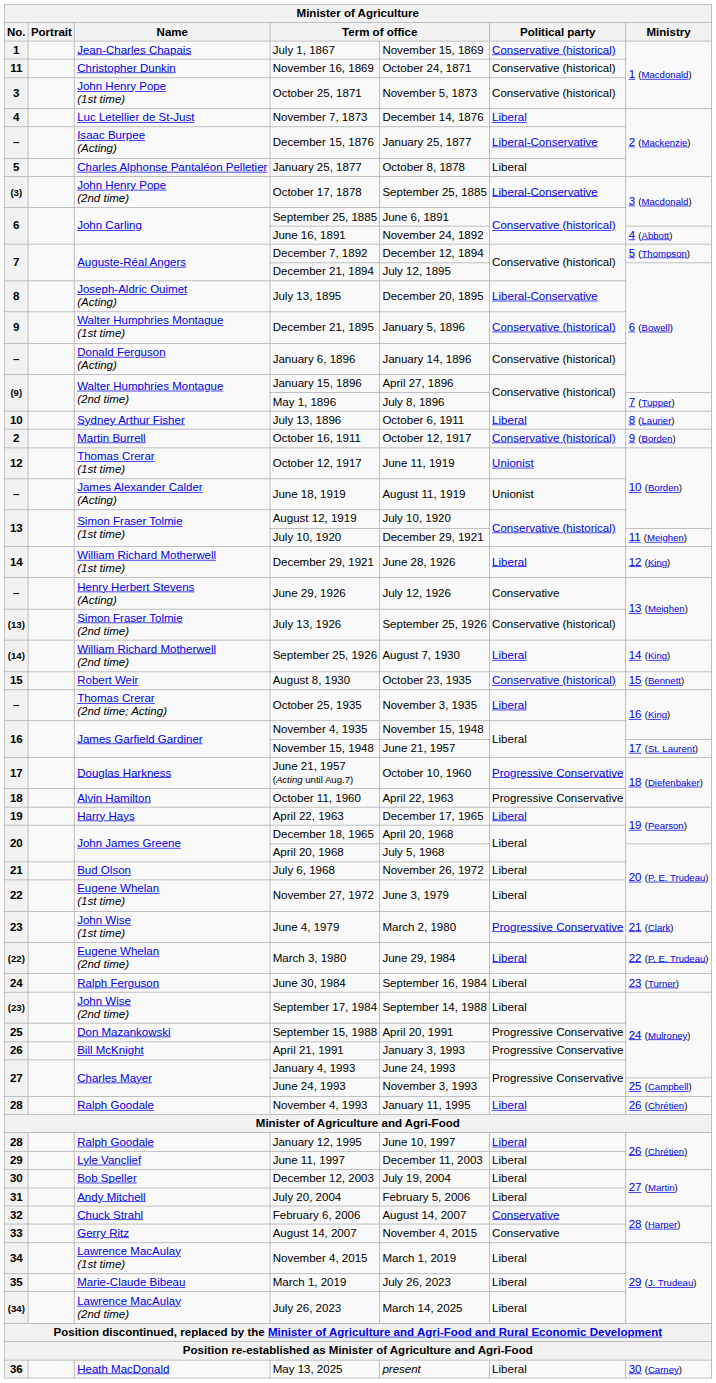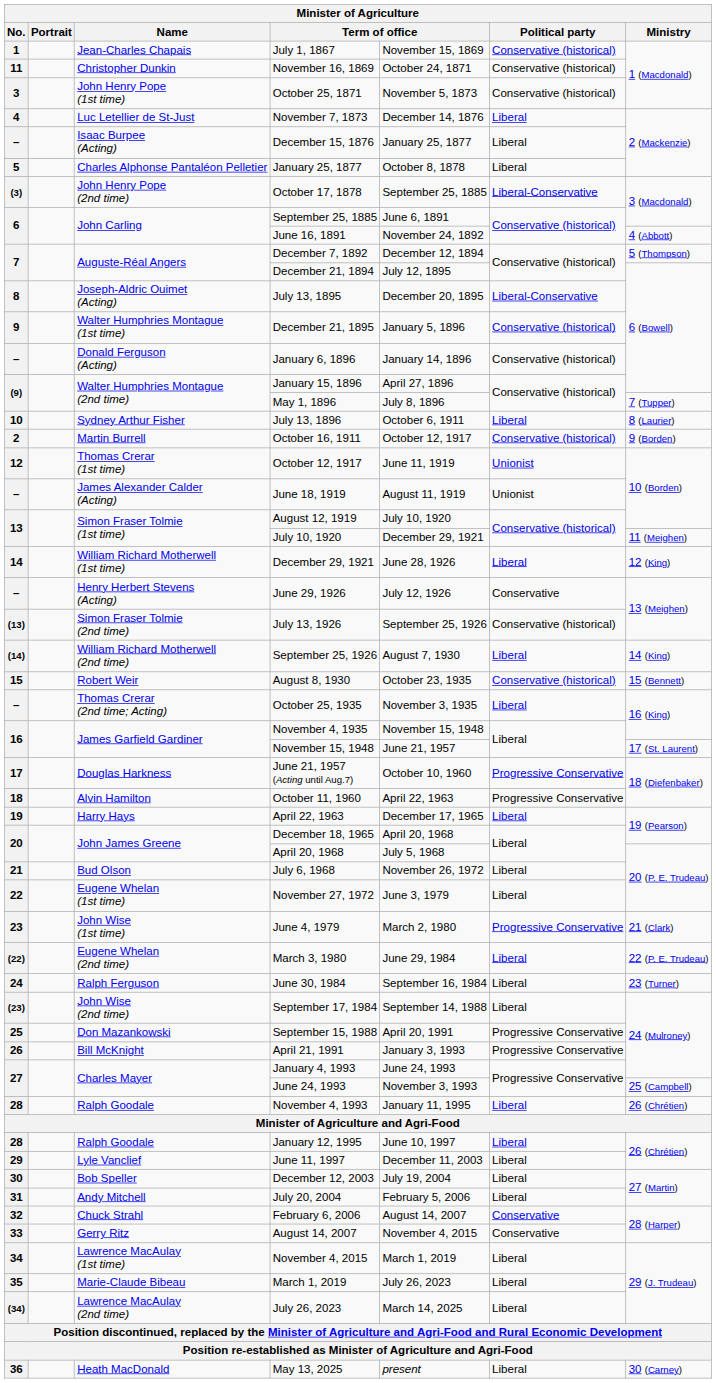 <table class="wikitable">
 <tr>
 <th colspan=7>Minister of Agriculture</th>
 </tr>
 <tr>
 <th>No.</th>
 <th>Portrait</th>
 <th>Name</th>
 <th colspan=2>Term of office</th>
 <th>Political party</th>
 <th>Ministry</th>
 </tr>
 <tr>
 <th style="background:">1</th>
 <td></td>
 <td><a href='#'>Jean-Charles Chapais</a></td>
 <td>July 1, 1867</td>
 <td>November 15, 1869</td>
 <td><a href='#'>Conservative (historical)</a></td>
 <td rowspan=3><a href='#'>1</a> <small>(<a href='#'>Macdonald</a>)</small></td>
 </tr>
 <tr>
 <th style="background:">11</th>
 <td></td>
 <td><a href='#'>Christopher Dunkin</a></td>
 <td>November 16, 1869</td>
 <td>October 24, 1871</td>
 <td>Conservative (historical)</td>
 </tr>
 <tr>
 <th style="background:">3</th>
 <td></td>
 <td><a href='#'>John Henry Pope</a><br><em>(1st time)</em></td>
 <td>October 25, 1871</td>
 <td>November 5, 1873</td>
 <td>Conservative (historical)</td>
 </tr>
 <tr>
 <th style="background:">4</th>
 <td></td>
 <td><a href='#'>Luc Letellier de St-Just</a></td>
 <td>November 7, 1873</td>
 <td>December 14, 1876</td>
 <td><a href='#'>Liberal</a></td>
 <td rowspan=3><a href='#'>2</a> <small>(<a href='#'>Mackenzie</a>)</small></td>
 </tr>
 <tr>
 <th style="background:">–</th>
 <td></td>
 <td><a href='#'>Isaac Burpee</a><br><em>(Acting)</em></td>
 <td>December 15, 1876</td>
 <td>January 25, 1877</td>
-<td><a href='#'>Liberal-Conservative</a></td>
+<td>Liberal</td>
 </tr>
 <tr>
 <th style="background:">5</th>
 <td></td>
 <td><a href='#'>Charles Alphonse Pantaléon Pelletier</a></td>
 <td>January 25, 1877</td>
 <td>October 8, 1878</td>
 <td>Liberal</td>
 </tr>
 <tr>
 <th style="background:"><small>(3)</small></th>
 <td></td>
 <td><a href='#'>John Henry Pope</a><br><em>(2nd time)</em></td>
 <td>October 17, 1878</td>
 <td>September 25, 1885</td>
 <td><a href='#'>Liberal-Conservative</a></td>
 <td rowspan=2><a href='#'>3</a> <small>(<a href='#'>Macdonald</a>)</small></td>
 </tr>
 <tr>
 <th rowspan=2 style="background:">6</th>
 <td rowspan=2></td>
 <td rowspan=2><a href='#'>John Carling</a></td>
 <td>September 25, 1885</td>
 <td>June 6, 1891</td>
 <td rowspan=2><a href='#'>Conservative (historical)</a></td>
 </tr>
 <tr>
 <td>June 16, 1891</td>
 <td>November 24, 1892</td>
 <td><a href='#'>4</a> <small>(<a href='#'>Abbott</a>)</small></td>
 </tr>
 <tr>
 <th rowspan=2 style="background:">7</th>
 <td rowspan=2></td>
 <td rowspan=2><a href='#'>Auguste-Réal Angers</a></td>
 <td>December 7, 1892</td>
 <td>December 12, 1894</td>
 <td rowspan=2>Conservative (historical)</td>
 <td><a href='#'>5</a> <small>(<a href='#'>Thompson</a>)</small></td>
 </tr>
 <tr>
 <td>December 21, 1894</td>
 <td>July 12, 1895</td>
 <td rowspan=5><a href='#'>6</a> <small>(<a href='#'>Bowell</a>)</small></td>
 </tr>
 <tr>
 <th style="background:">8</th>
 <td></td>
 <td><a href='#'>Joseph-Aldric Ouimet</a><br><em>(Acting)</em></td>
 <td>July 13, 1895</td>
 <td>December 20, 1895</td>
 <td><a href='#'>Liberal-Conservative</a></td>
 </tr>
 <tr>
 <th style="background:">9</th>
 <td></td>
 <td><a href='#'>Walter Humphries Montague</a><br><em>(1st time)</em></td>
 <td>December 21, 1895</td>
 <td>January 5, 1896</td>
 <td><a href='#'>Conservative (historical)</a></td>
 </tr>
 <tr>
 <th style="background:">–</th>
 <td></td>
 <td><a href='#'>Donald Ferguson</a><br><em>(Acting)</em></td>
 <td>January 6, 1896</td>
 <td>January 14, 1896</td>
 <td>Conservative (historical)</td>
 </tr>
 <tr>
 <th rowspan=2 style="background:"><small>(9)</small></th>
 <td rowspan=2></td>
 <td rowspan=2><a href='#'>Walter Humphries Montague</a><br><em>(2nd time)</em></td>
 <td>January 15, 1896</td>
 <td>April 27, 1896</td>
 <td rowspan=2>Conservative (historical)</td>
 </tr>
 <tr>
 <td>May 1, 1896</td>
 <td>July 8, 1896</td>
 <td><a href='#'>7</a> <small>(<a href='#'>Tupper</a>)</small></td>
 </tr>
 <tr>
 <th style="background:">10</th>
 <td></td>
 <td><a href='#'>Sydney Arthur Fisher</a></td>
 <td>July 13, 1896</td>
 <td>October 6, 1911</td>
 <td><a href='#'>Liberal</a></td>
 <td><a href='#'>8</a> <small>(<a href='#'>Laurier</a>)</small></td>
 </tr>
 <tr>
 <th style="background:">2</th>
 <td></td>
 <td><a href='#'>Martin Burrell</a></td>
 <td>October 16, 1911</td>
 <td>October 12, 1917</td>
 <td><a href='#'>Conservative (historical)</a></td>
 <td><a href='#'>9</a> <small>(<a href='#'>Borden</a>)</small></td>
 </tr>
 <tr>
 <th style="background:">12</th>
 <td></td>
 <td><a href='#'>Thomas Crerar</a><br><em>(1st time)</em></td>
 <td>October 12, 1917</td>
 <td>June 11, 1919</td>
 <td><a href='#'>Unionist</a></td>
 <td rowspan=3><a href='#'>10</a> <small>(<a href='#'>Borden</a>)</small></td>
 </tr>
 <tr>
 <th style="background:">–</th>
 <td></td>
 <td><a href='#'>James Alexander Calder</a><br><em>(Acting)</em></td>
 <td>June 18, 1919</td>
 <td>August 11, 1919</td>
 <td>Unionist</td>
 </tr>
 <tr>
 <th rowspan=2 style="background:">13</th>
 <td rowspan=2></td>
 <td rowspan=2><a href='#'>Simon Fraser Tolmie</a><br><em>(1st time)</em></td>
 <td>August 12, 1919</td>
 <td>July 10, 1920</td>
 <td rowspan=2><a href='#'>Conservative (historical)</a></td>
 </tr>
 <tr>
 <td>July 10, 1920</td>
 <td>December 29, 1921</td>
 <td><a href='#'>11</a> <small>(<a href='#'>Meighen</a>)</small></td>
 </tr>
 <tr>
 <th style="background:">14</th>
 <td></td>
 <td><a href='#'>William Richard Motherwell</a><br><em>(1st time)</em></td>
 <td>December 29, 1921</td>
 <td>June 28, 1926</td>
 <td><a href='#'>Liberal</a></td>
 <td><a href='#'>12</a> <small>(<a href='#'>King</a>)</small></td>
 </tr>
 <tr>
 <th style="background:">–</th>
 <td></td>
 <td><a href='#'>Henry Herbert Stevens</a><br><em>(Acting)</em></td>
 <td>June 29, 1926</td>
 <td>July 12, 1926</td>
 <td>Conservative</td>
 <td rowspan=2><a href='#'>13</a> <small>(<a href='#'>Meighen</a>)</small></td>
 </tr>
 <tr>
 <th style="background:"><small>(13)</small></th>
 <td></td>
 <td><a href='#'>Simon Fraser Tolmie</a><br><em>(2nd time)</em></td>
 <td>July 13, 1926</td>
 <td>September 25, 1926</td>
 <td>Conservative (historical)</td>
 </tr>
 <tr>
 <th style="background:"><small>(14)</small></th>
 <td></td>
 <td><a href='#'>William Richard Motherwell</a><br><em>(2nd time)</em></td>
 <td>September 25, 1926</td>
 <td>August 7, 1930</td>
 <td><a href='#'>Liberal</a></td>
 <td><a href='#'>14</a> <small>(<a href='#'>King</a>)</small></td>
 </tr>
 <tr>
 <th style="background:">15</th>
 <td></td>
 <td><a href='#'>Robert Weir</a></td>
 <td>August 8, 1930</td>
 <td>October 23, 1935</td>
 <td><a href='#'>Conservative (historical)</a></td>
 <td><a href='#'>15</a> <small>(<a href='#'>Bennett</a>)</small></td>
 </tr>
 <tr>
 <th style="background:">–</th>
 <td></td>
 <td><a href='#'>Thomas Crerar</a><br><em>(2nd time; Acting)</em></td>
 <td>October 25, 1935</td>
 <td>November 3, 1935</td>
 <td><a href='#'>Liberal</a></td>
 <td rowspan=2><a href='#'>16</a> <small>(<a href='#'>King</a>)</small></td>
 </tr>
 <tr>
 <th rowspan=2 style="background:">16</th>
 <td rowspan=2></td>
 <td rowspan=2><a href='#'>James Garfield Gardiner</a></td>
 <td>November 4, 1935</td>
 <td>November 15, 1948</td>
 <td rowspan=2>Liberal</td>
 </tr>
 <tr>
 <td>November 15, 1948</td>
 <td>June 21, 1957</td>
 <td><a href='#'>17</a> <small>(<a href='#'>St. Laurent</a>)</small></td>
 </tr>
 <tr>
 <th style="background:">17</th>
 <td></td>
 <td><a href='#'>Douglas Harkness</a></td>
 <td>June 21, 1957<br><small>(<em>Acting</em> until Aug.7)</small></td>
 <td>October 10, 1960</td>
 <td><a href='#'>Progressive Conservative</a></td>
 <td rowspan=2><a href='#'>18</a> <small>(<a href='#'>Diefenbaker</a>)</small></td>
 </tr>
 <tr>
 <th style="background:">18</th>
 <td></td>
 <td><a href='#'>Alvin Hamilton</a></td>
 <td>October 11, 1960</td>
 <td>April 22, 1963</td>
 <td>Progressive Conservative</td>
 </tr>
 <tr>
 <th style="background:">19</th>
 <td></td>
 <td><a href='#'>Harry Hays</a></td>
 <td>April 22, 1963</td>
 <td>December 17, 1965</td>
 <td><a href='#'>Liberal</a></td>
 <td rowspan=2><a href='#'>19</a> <small>(<a href='#'>Pearson</a>)</small></td>
 </tr>
 <tr>
 <th rowspan=2 style="background:">20</th>
 <td rowspan="2"></td>
 <td rowspan=2><a href='#'>John James Greene</a></td>
 <td>December 18, 1965</td>
 <td>April 20, 1968</td>
 <td rowspan=2>Liberal</td>
 </tr>
 <tr>
 <td>April 20, 1968</td>
 <td>July 5, 1968</td>
 <td rowspan=3><a href='#'>20</a> <small>(<a href='#'>P. E. Trudeau</a>)</small></td>
 </tr>
 <tr>
 <th style="background:">21</th>
 <td></td>
 <td><a href='#'>Bud Olson</a></td>
 <td>July 6, 1968</td>
 <td>November 26, 1972</td>
 <td>Liberal</td>
 </tr>
 <tr>
 <th style="background:">22</th>
 <td></td>
 <td><a href='#'>Eugene Whelan</a><br><em>(1st time)</em></td>
 <td>November 27, 1972</td>
 <td>June 3, 1979</td>
 <td>Liberal</td>
 </tr>
 <tr>
 <th style="background:">23</th>
 <td></td>
 <td><a href='#'>John Wise</a><br><em>(1st time)</em></td>
 <td>June 4, 1979</td>
 <td>March 2, 1980</td>
 <td><a href='#'>Progressive Conservative</a></td>
 <td><a href='#'>21</a> <small>(<a href='#'>Clark</a>)</small></td>
 </tr>
 <tr>
 <th style="background:"><small>(22)</small></th>
 <td></td>
 <td><a href='#'>Eugene Whelan</a><br><em>(2nd time)</em></td>
 <td>March 3, 1980</td>
 <td>June 29, 1984</td>
 <td><a href='#'>Liberal</a></td>
 <td><a href='#'>22</a> <small>(<a href='#'>P. E. Trudeau</a>)</small></td>
 </tr>
 <tr>
 <th style="background:">24</th>
 <td></td>
 <td><a href='#'>Ralph Ferguson</a></td>
 <td>June 30, 1984</td>
 <td>September 16, 1984</td>
 <td>Liberal</td>
 <td><a href='#'>23</a> <small>(<a href='#'>Turner</a>)</small></td>
 </tr>
 <tr>
 <th style="background:"><small>(23)</small></th>
 <td></td>
 <td><a href='#'>John Wise</a><br><em>(2nd time)</em></td>
 <td>September 17, 1984</td>
 <td>September 14, 1988</td>
 <td>Liberal</td>
 <td rowspan=4><a href='#'>24</a> <small>(<a href='#'>Mulroney</a>)</small></td>
 </tr>
 <tr>
 <th style="background:">25</th>
 <td></td>
 <td><a href='#'>Don Mazankowski</a></td>
 <td>September 15, 1988</td>
 <td>April 20, 1991</td>
 <td>Progressive Conservative</td>
 </tr>
 <tr>
 <th style="background:">26</th>
 <td></td>
 <td><a href='#'>Bill McKnight</a></td>
 <td>April 21, 1991</td>
 <td>January 3, 1993</td>
 <td>Progressive Conservative</td>
 </tr>
 <tr>
 <th rowspan=2 style="background:">27</th>
 <td rowspan=2></td>
 <td rowspan=2><a href='#'>Charles Mayer</a></td>
 <td>January 4, 1993</td>
 <td>June 24, 1993</td>
 <td rowspan=2>Progressive Conservative</td>
 </tr>
 <tr>
 <td>June 24, 1993</td>
 <td>November 3, 1993</td>
 <td><a href='#'>25</a> <small>(<a href='#'>Campbell</a>)</small></td>
 </tr>
 <tr>
 <th style="background:">28</th>
 <td></td>
 <td><a href='#'>Ralph Goodale</a></td>
 <td>November 4, 1993</td>
 <td>January 11, 1995</td>
 <td><a href='#'>Liberal</a></td>
 <td><a href='#'>26</a> <small>(<a href='#'>Chrétien</a>)</small></td>
 </tr>
 <tr>
 <th colspan=7>Minister of Agriculture and Agri-Food</th>
 </tr>
 <tr>
 <th style="background:">28</th>
 <td></td>
 <td><a href='#'>Ralph Goodale</a></td>
 <td>January 12, 1995</td>
 <td>June 10, 1997</td>
 <td><a href='#'>Liberal</a></td>
 <td rowspan=2><a href='#'>26</a> <small>(<a href='#'>Chrétien</a>)</small></td>
 </tr>
 <tr>
 <th style="background:">29</th>
 <td></td>
 <td><a href='#'>Lyle Vanclief</a></td>
 <td>June 11, 1997</td>
 <td>December 11, 2003</td>
 <td>Liberal</td>
 </tr>
 <tr>
 <th style="background:">30</th>
 <td></td>
 <td><a href='#'>Bob Speller</a></td>
 <td>December 12, 2003</td>
 <td>July 19, 2004</td>
 <td>Liberal</td>
 <td rowspan=2><a href='#'>27</a> <small>(<a href='#'>Martin</a>)</small></td>
 </tr>
 <tr>
 <th style="background:">31</th>
 <td></td>
 <td><a href='#'>Andy Mitchell</a></td>
 <td>July 20, 2004</td>
 <td>February 5, 2006</td>
 <td>Liberal</td>
 </tr>
 <tr>
 <th style="background:">32</th>
 <td></td>
 <td><a href='#'>Chuck Strahl</a></td>
 <td>February 6, 2006</td>
 <td>August 14, 2007</td>
 <td><a href='#'>Conservative</a></td>
 <td rowspan=2><a href='#'>28</a> <small>(<a href='#'>Harper</a>)</small></td>
 </tr>
 <tr>
 <th style="background:">33</th>
 <td></td>
 <td><a href='#'>Gerry Ritz</a></td>
 <td>August 14, 2007</td>
 <td>November 4, 2015</td>
 <td>Conservative</td>
 </tr>
 <tr>
 <th style="background:">34</th>
 <td></td>
 <td><a href='#'>Lawrence MacAulay</a><br><em>(1st time)</em></td>
 <td>November 4, 2015</td>
 <td>March 1, 2019</td>
 <td>Liberal</td>
 <td rowspan=3><a href='#'>29</a> <small>(<a href='#'>J. Trudeau</a>)</small></td>
 </tr>
 <tr>
 <th style="background:">35</th>
 <td></td>
 <td><a href='#'>Marie-Claude Bibeau</a></td>
 <td>March 1, 2019</td>
 <td>July 26, 2023</td>
 <td>Liberal</td>
 </tr>
 <tr>
 <th style="background:"><small>(34)</small></th>
 <td></td>
 <td><a href='#'>Lawrence MacAulay</a><br><em>(2nd time)</em></td>
 <td>July 26, 2023</td>
 <td>March 14, 2025</td>
 <td>Liberal</td>
 </tr>
 <tr>
 <th colspan=7>Position discontinued, replaced by the <a href='#'>Minister of Agriculture and Agri-Food and Rural Economic Development</a></th>
 </tr>
 <tr>
 <th colspan="7">Position re-established as Minister of Agriculture and Agri-Food</th>
 </tr>
 <tr>
 <th style="background:">36</th>
 <td></td>
 <td><a href='#'>Heath MacDonald</a></td>
 <td>May 13, 2025</td>
 <td><em>present</em></td>
 <td>Liberal</td>
 <td rowspan=1><a href='#'>30</a> <small>(<a href='#'>Carney</a>)</small></td>
 </tr>
 </table>
